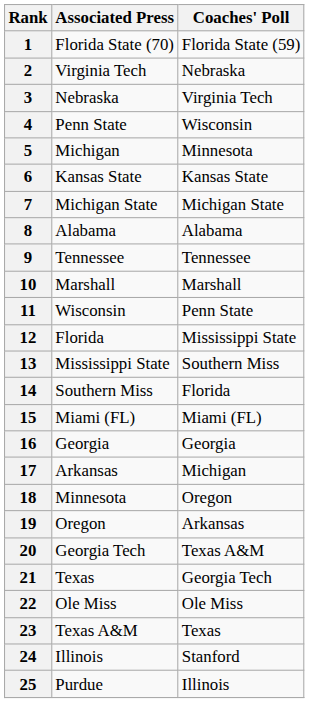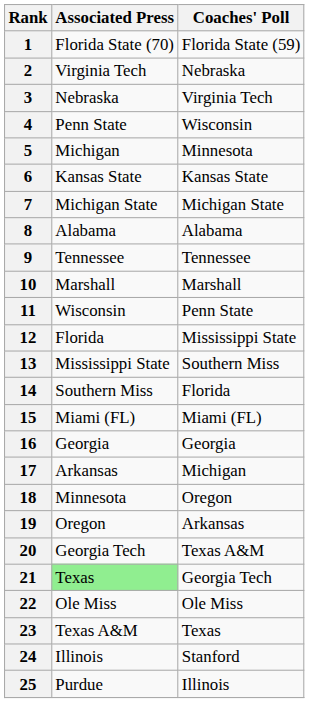 <table class="wikitable">
 <tr>
 <th>Rank</th>
 <th>Associated Press</th>
 <th colspan'"1">Coaches' Poll</th>
 </tr>
 <tr>
 <th>1</th>
 <td>Florida State (70)</td>
 <td>Florida State (59)</td>
 </tr>
 <tr>
 <th>2</th>
 <td>Virginia Tech</td>
 <td>Nebraska</td>
 </tr>
 <tr>
 <th>3</th>
 <td>Nebraska</td>
 <td>Virginia Tech</td>
 </tr>
 <tr>
 <th>4</th>
 <td>Penn State</td>
 <td>Wisconsin</td>
 </tr>
 <tr>
 <th>5</th>
 <td>Michigan</td>
 <td>Minnesota</td>
 </tr>
 <tr>
 <th>6</th>
 <td>Kansas State</td>
 <td>Kansas State</td>
 </tr>
 <tr>
 <th>7</th>
 <td>Michigan State</td>
 <td>Michigan State</td>
 </tr>
 <tr>
 <th>8</th>
 <td>Alabama</td>
 <td>Alabama</td>
 </tr>
 <tr>
 <th>9</th>
 <td>Tennessee</td>
 <td>Tennessee</td>
 </tr>
 <tr>
 <th>10</th>
 <td>Marshall</td>
 <td>Marshall</td>
 </tr>
 <tr>
 <th>11</th>
 <td>Wisconsin</td>
 <td>Penn State</td>
 </tr>
 <tr>
 <th>12</th>
 <td>Florida</td>
 <td>Mississippi State</td>
 </tr>
 <tr>
 <th>13</th>
 <td>Mississippi State</td>
 <td>Southern Miss</td>
 </tr>
 <tr>
 <th>14</th>
 <td>Southern Miss</td>
 <td>Florida</td>
 </tr>
 <tr>
 <th>15</th>
 <td>Miami (FL)</td>
 <td>Miami (FL)</td>
 </tr>
 <tr>
 <th>16</th>
 <td>Georgia</td>
 <td>Georgia</td>
 </tr>
 <tr>
 <th>17</th>
 <td>Arkansas</td>
 <td>Michigan</td>
 </tr>
 <tr>
 <th>18</th>
 <td>Minnesota</td>
 <td>Oregon</td>
 </tr>
 <tr>
 <th>19</th>
 <td>Oregon</td>
 <td>Arkansas</td>
 </tr>
 <tr>
 <th>20</th>
 <td>Georgia Tech</td>
 <td>Texas A&M</td>
 </tr>
 <tr>
 <th>21</th>
-<td>Texas</td>
+<td style="background: lightgreen;">Texas</td>
 <td>Georgia Tech</td>
 </tr>
 <tr>
 <th>22</th>
 <td>Ole Miss</td>
 <td>Ole Miss</td>
 </tr>
 <tr>
 <th>23</th>
 <td>Texas A&M</td>
 <td>Texas</td>
 </tr>
 <tr>
 <th>24</th>
 <td>Illinois</td>
 <td>Stanford</td>
 </tr>
 <tr>
 <th>25</th>
 <td>Purdue</td>
 <td>Illinois</td>
 </tr>
 <tr>
 </tr>
 </table>
